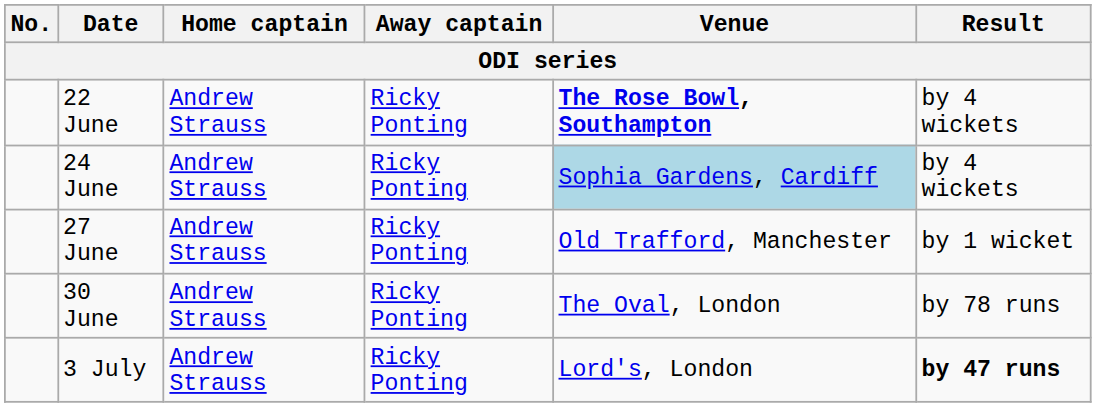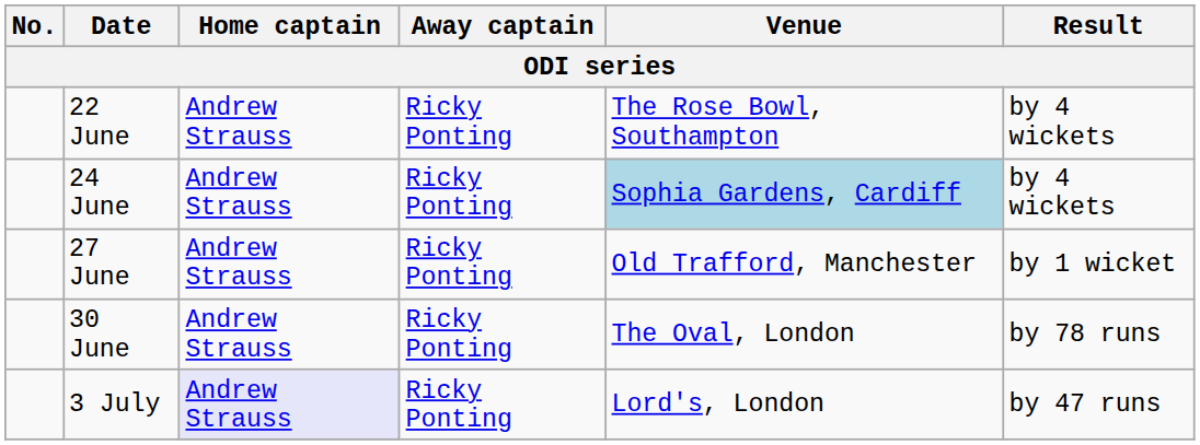 <table class="wikitable">
 <tr>
 <th>No.</th>
 <th>Date</th>
 <th>Home captain</th>
 <th>Away captain</th>
 <th>Venue</th>
 <th>Result</th>
 </tr>
 <tr>
 <th colspan="9">ODI series</th>
 </tr>
 <tr>
 <td></td>
 <td>22 June</td>
 <td><a href='#'>Andrew Strauss</a></td>
 <td><a href='#'>Ricky Ponting</a></td>
-<td><strong><a href='#'>The Rose Bowl</a>, <a href='#'>Southampton</a></strong></td>
+<td><a href='#'>The Rose Bowl</a>, <a href='#'>Southampton</a></td>
 <td> by 4 wickets</td>
 </tr>
 <tr>
 <td></td>
 <td>24 June</td>
 <td><a href='#'>Andrew Strauss</a></td>
 <td><a href='#'>Ricky Ponting</a></td>
 <td style="background: lightblue;"><a href='#'>Sophia Gardens</a>, <a href='#'>Cardiff</a></td>
 <td> by 4 wickets</td>
 </tr>
 <tr>
 <td></td>
 <td>27 June</td>
 <td><a href='#'>Andrew Strauss</a></td>
 <td><a href='#'>Ricky Ponting</a></td>
 <td><a href='#'>Old Trafford</a>, Manchester</td>
 <td> by 1 wicket</td>
 </tr>
 <tr>
 <td></td>
 <td>30 June</td>
 <td><a href='#'>Andrew Strauss</a></td>
 <td><a href='#'>Ricky Ponting</a></td>
 <td><a href='#'>The Oval</a>, London</td>
 <td> by 78 runs</td>
 </tr>
 <tr>
 <td></td>
 <td>3 July</td>
-<td><a href='#'>Andrew Strauss</a></td>
+<td style="background: lavender;"><a href='#'>Andrew Strauss</a></td>
 <td><a href='#'>Ricky Ponting</a></td>
 <td><a href='#'>Lord's</a>, London</td>
-<td><strong> by 47 runs</strong></td>
+<td> by 47 runs</td>
 </tr>
 </table>
